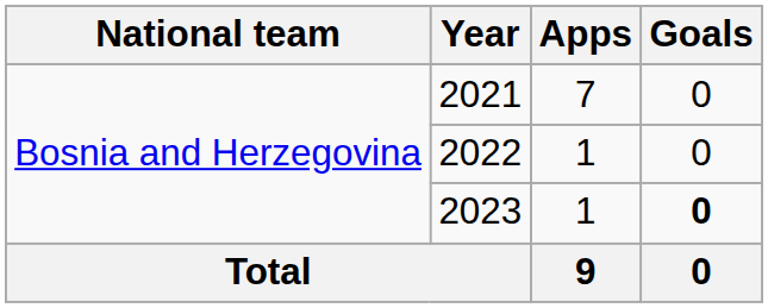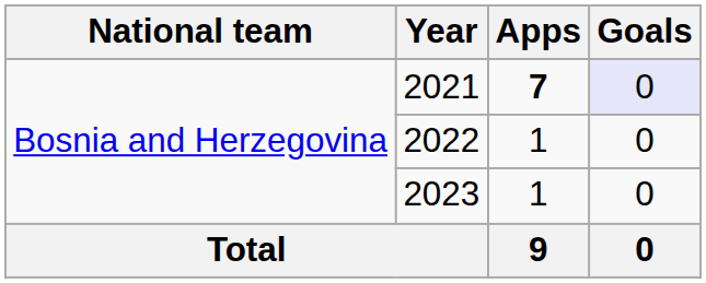 <table class="wikitable" style="text-align:center">
 <tr>
 <th>National team</th>
 <th>Year</th>
 <th>Apps</th>
 <th>Goals</th>
 </tr>
 <tr>
 <td rowspan=4><a href='#'>Bosnia and Herzegovina</a></td>
 </tr>
 <tr>
 <td>2021</td>
-<td>7</td>
-<td>0</td>
+<td><strong>7</strong></td>
+<td style="background: lavender;">0</td>
 </tr>
 <tr>
 <td>2022</td>
 <td>1</td>
 <td>0</td>
 </tr>
 <tr>
 <td>2023</td>
 <td>1</td>
-<td><strong>0</strong></td>
+<td>0</td>
 </tr>
 <tr>
 <th colspan=2>Total</th>
 <th>9</th>
 <th>0</th>
 </tr>
 </table>
